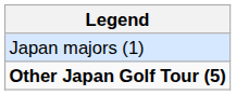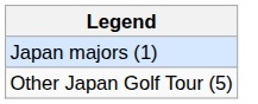 <table class="wikitable" style="font-size:95%;">
 <tr>
 <th>Legend</th>
 </tr>
 <tr style="background:#D6E8FF;">
 <td>Japan majors (1)</td>
 </tr>
 <tr>
-<td><strong>Other Japan Golf Tour (5)</strong></td>
+<td>Other Japan Golf Tour (5)</td>
 </tr>
 </table>
